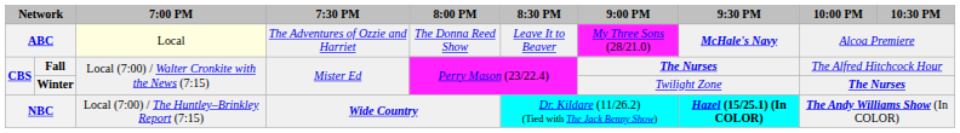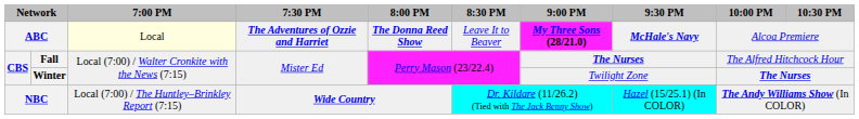 <table class="wikitable" style="width:100%;margin-right:0;text-align:center">
 <tr>
 <th colspan="2" style="background-color:#C0C0C0;text-align:center">Network</th>
 <th style="background-color:#C0C0C0;text-align:center">7:00 PM</th>
 <th style="background-color:#C0C0C0;text-align:center">7:30 PM</th>
 <th style="background-color:#C0C0C0;text-align:center">8:00 PM</th>
 <th style="background-color:#C0C0C0;text-align:center">8:30 PM</th>
 <th style="background-color:#C0C0C0;text-align:center">9:00 PM</th>
 <th style="background-color:#C0C0C0;text-align:center">9:30 PM</th>
 <th style="background-color:#C0C0C0;text-align:center">10:00 PM</th>
 <th style="background-color:#C0C0C0;text-align:center">10:30 PM</th>
 </tr>
 <tr>
 <th colspan="2"><a href='#'>ABC</a></th>
 <td style="background: lightyellow;">Local</td>
-<td bgcolor="#F0F0F0"><em><a href='#'>The Adventures of Ozzie and Harriet</a></em></td>
-<td bgcolor="#F0F0F0"><em><a href='#'>The Donna Reed Show</a></em></td>
+<td bgcolor="#F0F0F0"><strong><em><a href='#'>The Adventures of Ozzie and Harriet</a></em></strong></td>
+<td bgcolor="#F0F0F0"><strong><em><a href='#'>The Donna Reed Show</a></em></strong></td>
 <td bgcolor="#F0F0F0"><em><a href='#'>Leave It to Beaver</a></em></td>
-<td bgcolor="#FF22FF"><em><a href='#'>My Three Sons</a></em> (28/21.0)</td>
+<td bgcolor="#FF22FF"><strong><em><a href='#'>My Three Sons</a></em> (28/21.0)</strong></td>
 <td bgcolor="#F0F0F0"><strong><em><a href='#'>McHale's Navy</a></em></strong></td>
 <td bgcolor="#F0F0F0" colspan="2"><em><a href='#'>Alcoa Premiere</a></em></td>
 </tr>
 <tr>
 <th rowspan="2"><a href='#'>CBS</a></th>
 <th>Fall</th>
 <td rowspan="2" bgcolor="#F0F0F0">Local (7:00) / <em><a href='#'>Walter Cronkite with the News</a></em> (7:15)</td>
 <td bgcolor="#F0F0F0" rowspan=2><em><a href='#'>Mister Ed</a></em></td>
 <td rowspan="2" bgcolor="#FF22FF" colspan="2"><em><a href='#'>Perry Mason</a></em> (23/22.4)</td>
 <td bgcolor="#F0F0F0" colspan="2"><strong><em><a href='#'>The Nurses</a></em></strong></td>
 <td bgcolor="#F0F0F0" colspan="2"><em><a href='#'>The Alfred Hitchcock Hour</a></em></td>
 </tr>
 <tr>
 <th>Winter</th>
 <td bgcolor="#F0F0F0" colspan="2"><em><a href='#'>Twilight Zone</a></em></td>
 <td bgcolor="#F0F0F0" colspan="2"><strong><em><a href='#'>The Nurses</a></em></strong></td>
 </tr>
 <tr>
 <th colspan="2"><a href='#'>NBC</a></th>
 <td bgcolor="#F0F0F0">Local (7:00) / <em><a href='#'>The Huntley–Brinkley Report</a></em> (7:15)</td>
 <td bgcolor="#F0F0F0" colspan="2"><strong><em><a href='#'>Wide Country</a></em></strong></td>
 <td bgcolor="#00FFFF" colspan="2"><em><a href='#'>Dr. Kildare</a></em> (11/26.2) <br><small>(Tied with <em><a href='#'>The Jack Benny Show</a></em>)</small></td>
-<td bgcolor="#00FFFF"><strong><em><a href='#'>Hazel</a></em> (15/25.1) (In <span>C</span><span>O</span><span>L</span><span>O</span><span>R</span>)</strong></td>
+<td bgcolor="#00FFFF"><em><a href='#'>Hazel</a></em> (15/25.1) (In <span>C</span><span>O</span><span>L</span><span>O</span><span>R</span>)</td>
 <td bgcolor="#F0F0F0" colspan="2"><strong><em><a href='#'>The Andy Williams Show</a></em></strong> (In <span>C</span><span>O</span><span>L</span><span>O</span><span>R</span>)</td>
 </tr>
 </table>
